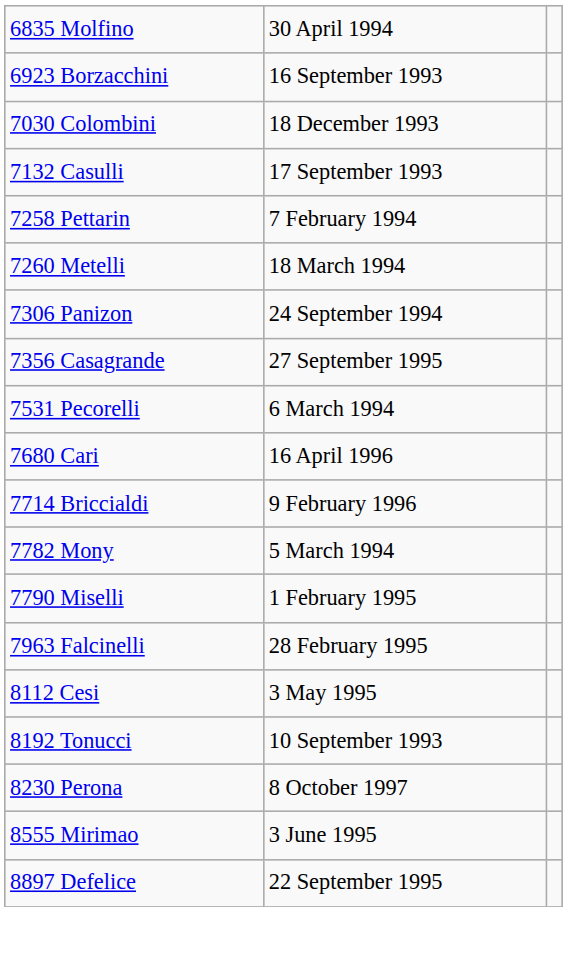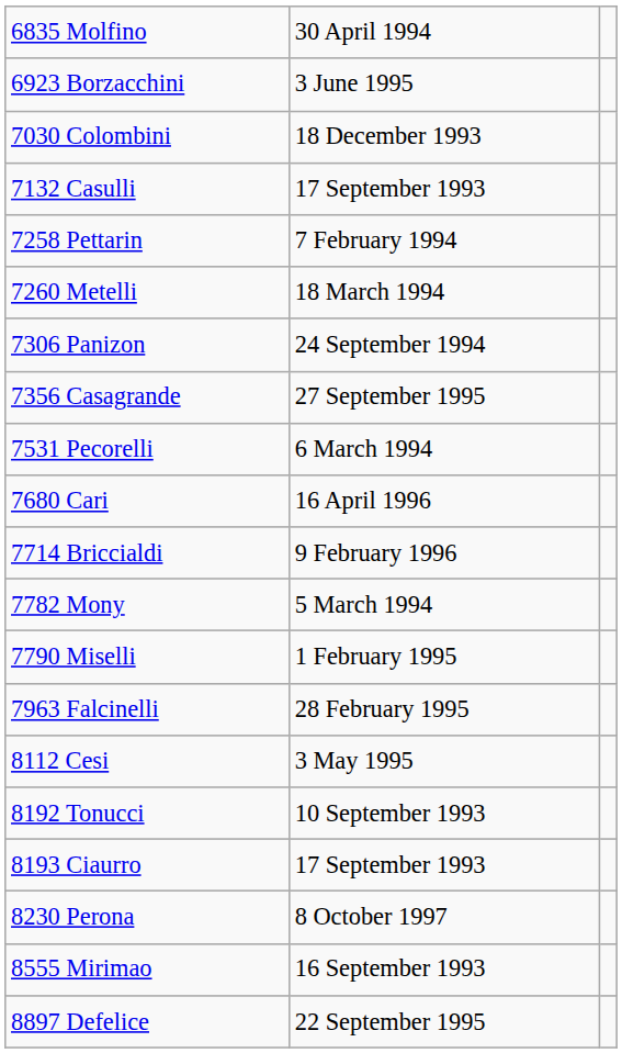 <table class="wikitable" style="font-size: 89%; float: left; width: 25em; margin-right: 1em; line-height: 1.65em !important; height: 540px;">
 <tr>
 <td><a href='#'>6835 Molfino</a></td>
 <td>30 April 1994</td>
 <td></td>
 </tr>
 <tr>
 <td><a href='#'>6923 Borzacchini</a></td>
-<td>16 September 1993</td>
+<td>3 June 1995</td>
 <td></td>
 </tr>
 <tr>
 <td><a href='#'>7030 Colombini</a></td>
 <td>18 December 1993</td>
 <td></td>
 </tr>
 <tr>
 <td><a href='#'>7132 Casulli</a></td>
 <td>17 September 1993</td>
 <td></td>
 </tr>
 <tr>
 <td><a href='#'>7258 Pettarin</a></td>
 <td>7 February 1994</td>
 <td></td>
 </tr>
 <tr>
 <td><a href='#'>7260 Metelli</a></td>
 <td>18 March 1994</td>
 <td></td>
 </tr>
 <tr>
 <td><a href='#'>7306 Panizon</a></td>
 <td>24 September 1994</td>
 <td></td>
 </tr>
 <tr>
 <td><a href='#'>7356 Casagrande</a></td>
 <td>27 September 1995</td>
 <td></td>
 </tr>
 <tr>
 <td><a href='#'>7531 Pecorelli</a></td>
 <td>6 March 1994</td>
 <td></td>
 </tr>
 <tr>
 <td><a href='#'>7680 Cari</a></td>
 <td>16 April 1996</td>
 <td></td>
 </tr>
 <tr>
 <td><a href='#'>7714 Briccialdi</a></td>
 <td>9 February 1996</td>
 <td></td>
 </tr>
 <tr>
 <td><a href='#'>7782 Mony</a></td>
 <td>5 March 1994</td>
 <td></td>
 </tr>
 <tr>
 <td><a href='#'>7790 Miselli</a></td>
 <td>1 February 1995</td>
 <td></td>
 </tr>
 <tr>
 <td><a href='#'>7963 Falcinelli</a></td>
 <td>28 February 1995</td>
 <td></td>
 </tr>
 <tr>
 <td><a href='#'>8112 Cesi</a></td>
 <td>3 May 1995</td>
 <td></td>
 </tr>
 <tr>
 <td><a href='#'>8192 Tonucci</a></td>
 <td>10 September 1993</td>
 <td></td>
 </tr>
 <tr>
+<td><a href='#'>8193 Ciaurro</a></td>
+<td>17 September 1993</td>
+<td></td>
+</tr>
+<tr>
 <td><a href='#'>8230 Perona</a></td>
 <td>8 October 1997</td>
 <td></td>
 </tr>
 <tr>
 <td><a href='#'>8555 Mirimao</a></td>
-<td>3 June 1995</td>
+<td>16 September 1993</td>
 <td></td>
 </tr>
 <tr>
 <td><a href='#'>8897 Defelice</a></td>
 <td>22 September 1995</td>
 <td></td>
 </tr>
 </table>
